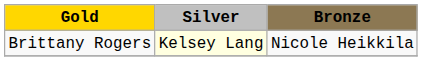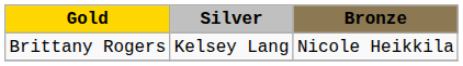 <table class="wikitable">
 <tr>
 <th style="background-color:#FFD700">Gold</th>
 <th style="background-color:#C0C0C0">Silver</th>
 <th style="background-color:#8C7853">Bronze</th>
 </tr>
 <tr>
 <td> Brittany Rogers</td>
-<td style="background: lightyellow;"> Kelsey Lang</td>
+<td> Kelsey Lang</td>
 <td> Nicole Heikkila</td>
 </tr>
 <tr>
 </tr>
 </table>
